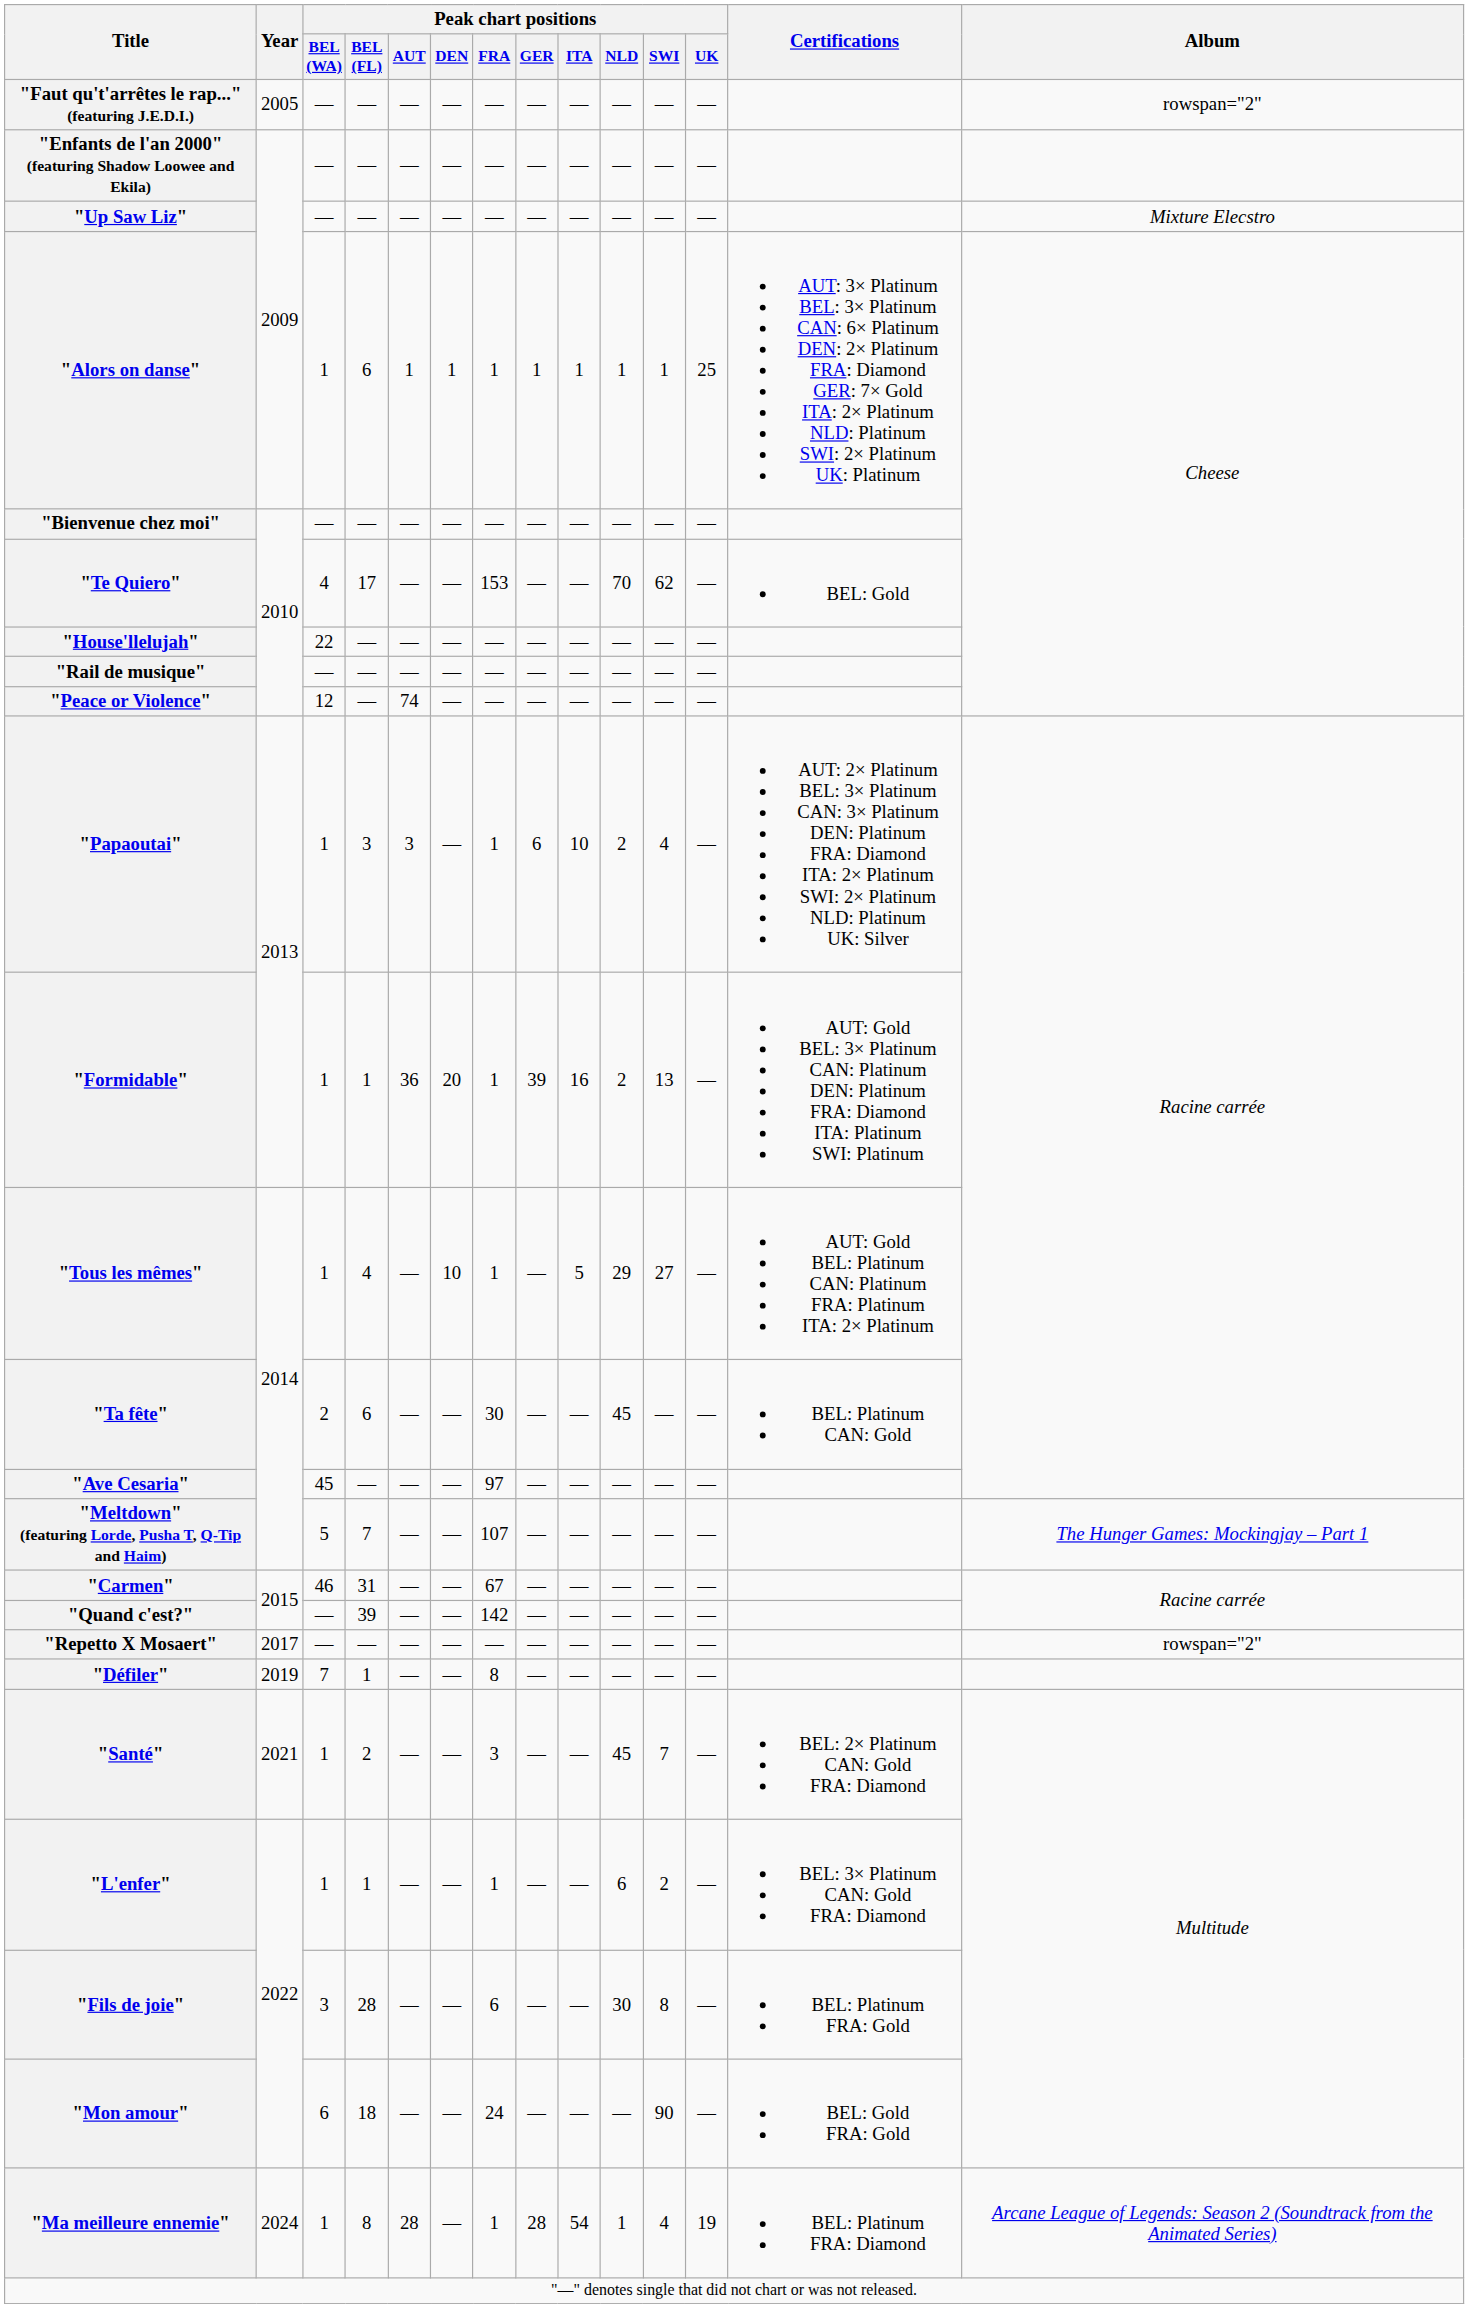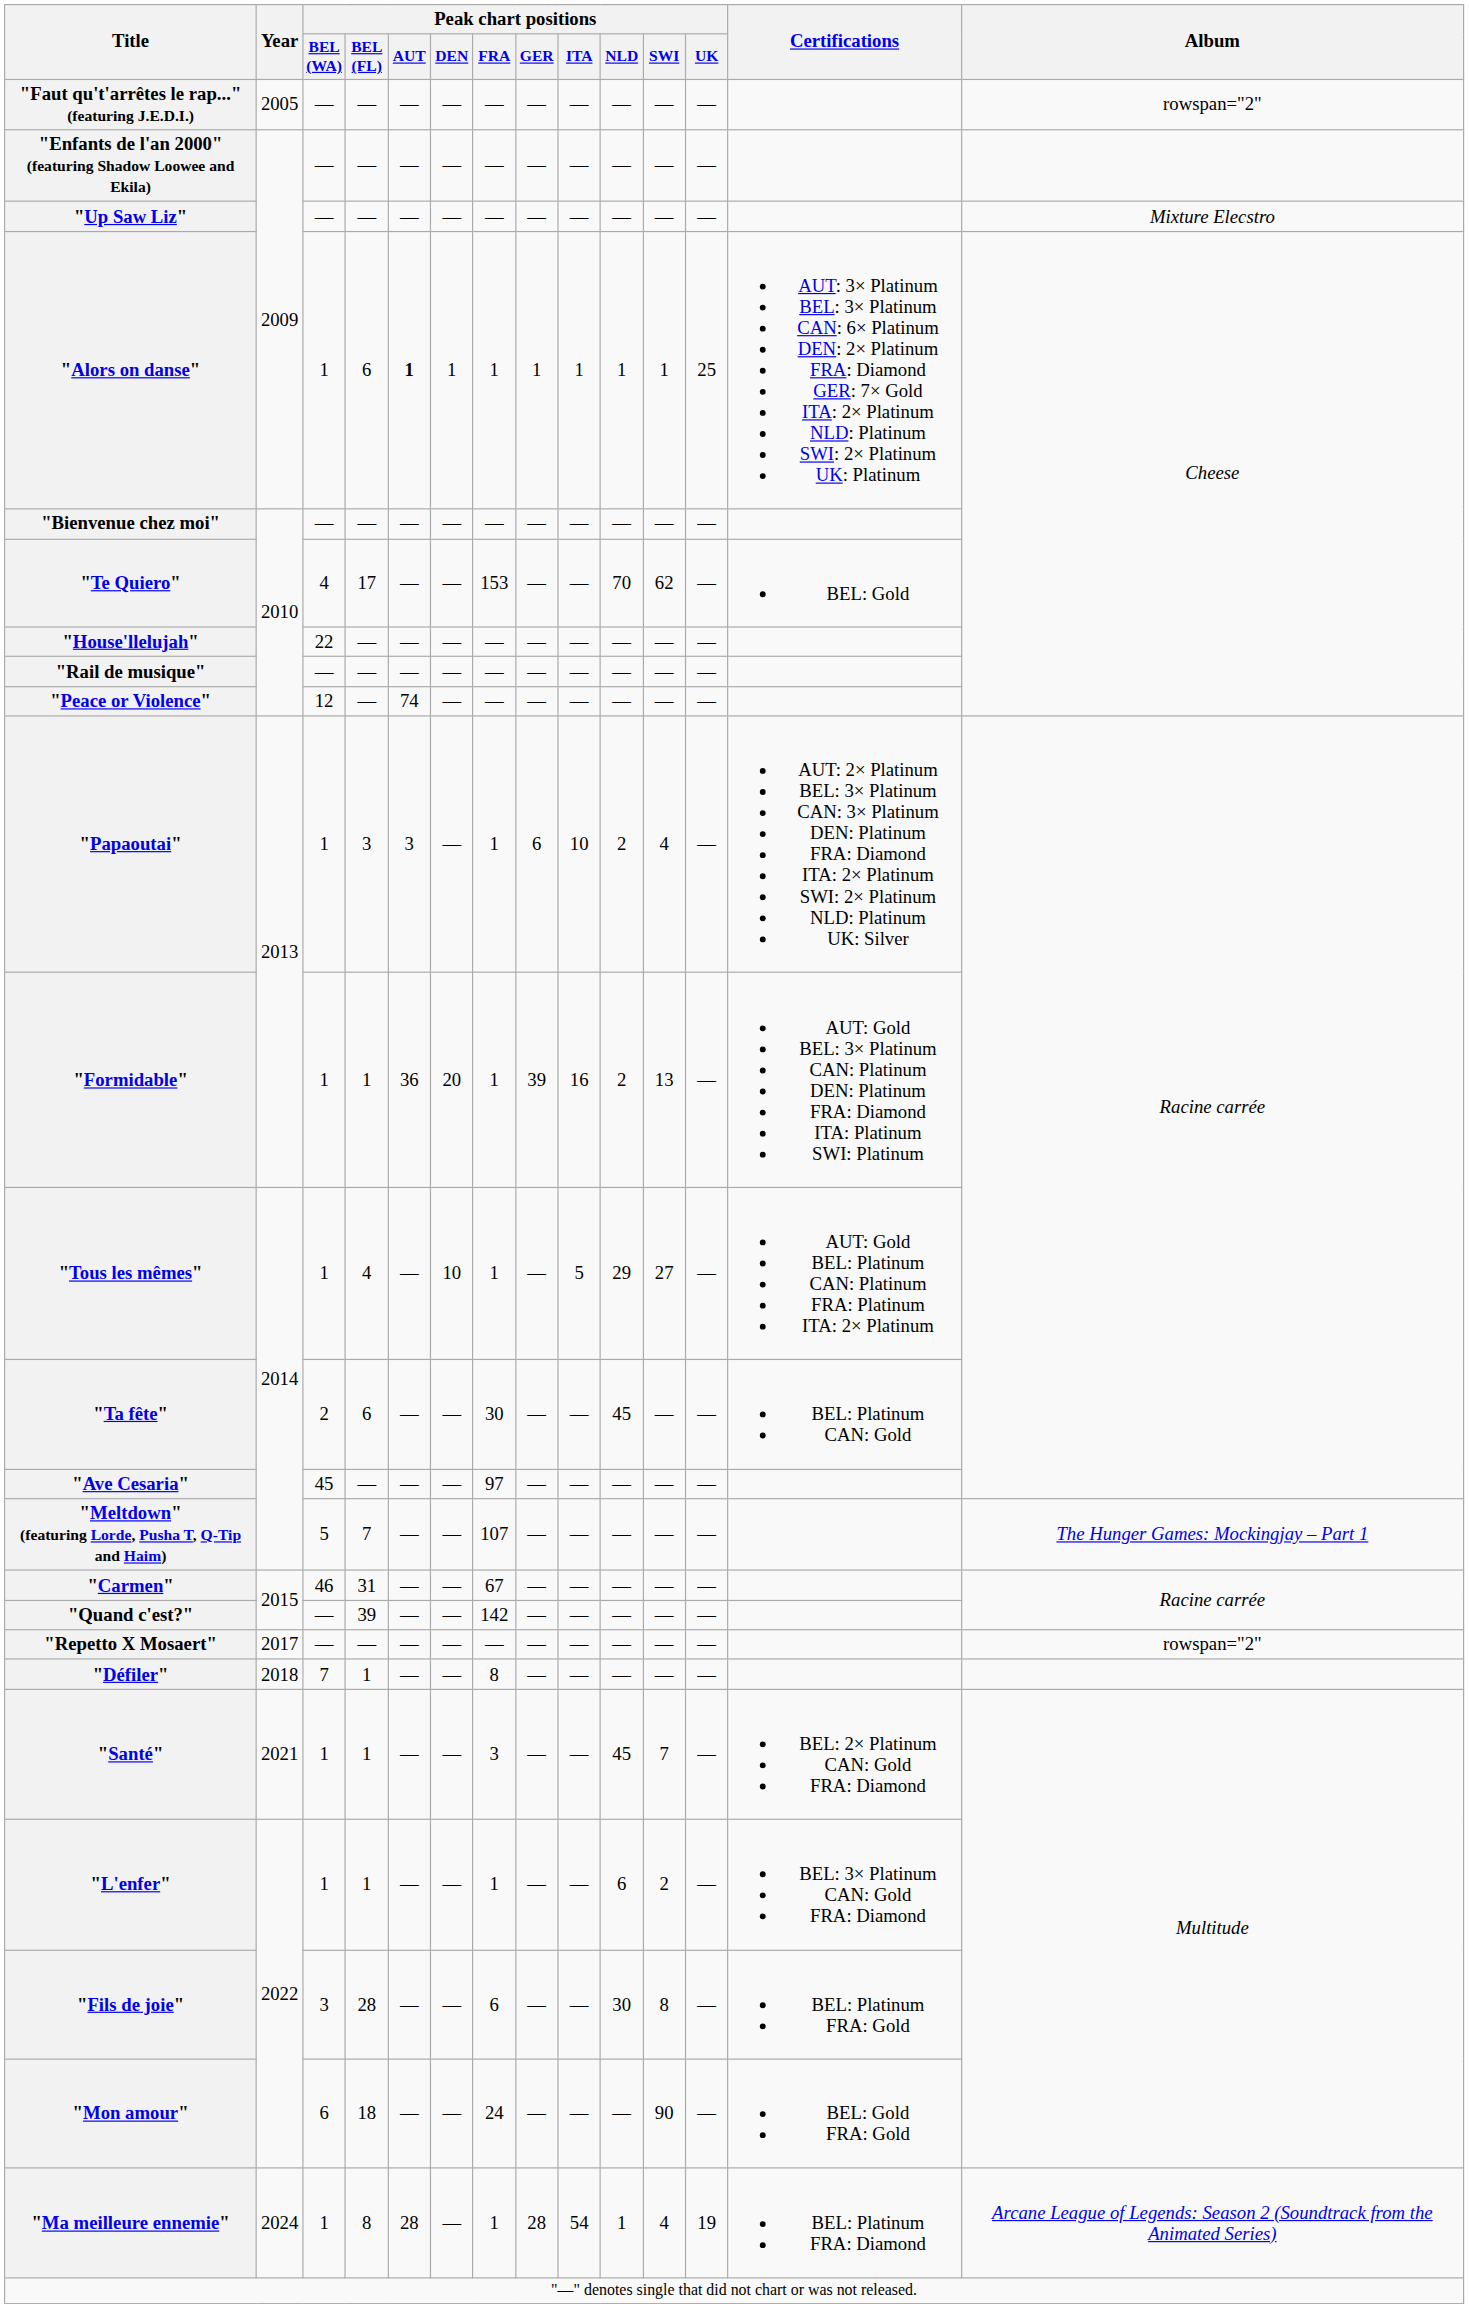 <table class="wikitable plainrowheaders" style="text-align:center;">
 <tr>
 <th scope="col" rowspan="2" style="width:13em;">Title</th>
 <th scope="col" rowspan="2">Year</th>
 <th scope="col" colspan="10">Peak chart positions</th>
 <th scope="col" rowspan="2" style="width:12em;"><a href='#'>Certifications</a></th>
 <th scope="col" rowspan="2">Album</th>
 </tr>
 <tr style=font-size:smaller>
 <th width="30"><a href='#'>BEL<br>(WA)</a><br></th>
 <th width="30"><a href='#'>BEL<br>(FL)</a><br></th>
 <th width="30"><a href='#'>AUT</a><br></th>
 <th width="30"><a href='#'>DEN</a><br></th>
 <th width="30"><a href='#'>FRA</a><br></th>
 <th width="30"><a href='#'>GER</a><br></th>
 <th width="30"><a href='#'>ITA</a><br></th>
 <th width="30"><a href='#'>NLD</a><br></th>
 <th width="30"><a href='#'>SWI</a><br></th>
 <th width="30"><a href='#'>UK</a><br></th>
 </tr>
 <tr>
 <th scope="row">"Faut qu't'arrêtes le rap..." <small>(featuring J.E.D.I.)</small></th>
 <td>2005</td>
 <td>—</td>
 <td>—</td>
 <td>—</td>
 <td>—</td>
 <td>—</td>
 <td>—</td>
 <td>—</td>
 <td>—</td>
 <td>—</td>
 <td>—</td>
 <td></td>
 <td>rowspan="2" </td>
 </tr>
 <tr>
 <th scope="row">"Enfants de l'an 2000" <small>(featuring Shadow Loowee and Ekila)</small></th>
 <td rowspan="3">2009</td>
 <td>—</td>
 <td>—</td>
 <td>—</td>
 <td>—</td>
 <td>—</td>
 <td>—</td>
 <td>—</td>
 <td>—</td>
 <td>—</td>
 <td>—</td>
 <td></td>
 </tr>
 <tr>
 <th scope="row">"<a href='#'>Up Saw Liz</a>"</th>
 <td>—</td>
 <td>—</td>
 <td>—</td>
 <td>—</td>
 <td>—</td>
 <td>—</td>
 <td>—</td>
 <td>—</td>
 <td>—</td>
 <td>—</td>
 <td></td>
 <td><em>Mixture Elecstro</em></td>
 </tr>
 <tr>
 <th scope="row">"<a href='#'>Alors on danse</a>"</th>
 <td>1</td>
 <td>6</td>
-<td>1</td>
+<td><strong>1</strong></td>
 <td>1</td>
 <td>1</td>
 <td>1</td>
 <td>1</td>
 <td>1</td>
 <td>1</td>
 <td>25</td>
 <td><br><ul><li><a href='#'>AUT</a>: 3× Platinum</li><li><a href='#'>BEL</a>: 3× Platinum</li><li><a href='#'>CAN</a>: 6× Platinum</li><li><a href='#'>DEN</a>: 2× Platinum</li><li><a href='#'>FRA</a>: Diamond</li><li><a href='#'>GER</a>: 7× Gold</li><li><a href='#'>ITA</a>: 2× Platinum</li><li><a href='#'>NLD</a>: Platinum</li><li><a href='#'>SWI</a>: 2× Platinum</li><li><a href='#'>UK</a>: Platinum</li></ul></td>
 <td rowspan="6"><em>Cheese</em></td>
 </tr>
 <tr>
 <th scope="row">"Bienvenue chez moi"</th>
 <td rowspan="5">2010</td>
 <td>—</td>
 <td>—</td>
 <td>—</td>
 <td>—</td>
 <td>—</td>
 <td>—</td>
 <td>—</td>
 <td>—</td>
 <td>—</td>
 <td>—</td>
 <td></td>
 </tr>
 <tr>
 <th scope="row">"<a href='#'>Te Quiero</a>"</th>
 <td>4</td>
 <td>17</td>
 <td>—</td>
 <td>—</td>
 <td>153</td>
 <td>—</td>
 <td>—</td>
 <td>70</td>
 <td>62</td>
 <td>—</td>
 <td><br><ul><li>BEL: Gold</li></ul></td>
 </tr>
 <tr>
 <th scope="row">"<a href='#'>House'llelujah</a>"</th>
 <td>22</td>
 <td>—</td>
 <td>—</td>
 <td>—</td>
 <td>—</td>
 <td>—</td>
 <td>—</td>
 <td>—</td>
 <td>—</td>
 <td>—</td>
 <td></td>
 </tr>
 <tr>
 <th scope="row">"Rail de musique"</th>
 <td>—</td>
 <td>—</td>
 <td>—</td>
 <td>—</td>
 <td>—</td>
 <td>—</td>
 <td>—</td>
 <td>—</td>
 <td>—</td>
 <td>—</td>
 <td></td>
 </tr>
 <tr>
 <th scope="row">"<a href='#'>Peace or Violence</a>"</th>
 <td>12</td>
 <td>—</td>
 <td>74</td>
 <td>—</td>
 <td>—</td>
 <td>—</td>
 <td>—</td>
 <td>—</td>
 <td>—</td>
 <td>—</td>
 <td></td>
 </tr>
 <tr>
 <th scope="row">"<a href='#'>Papaoutai</a>"</th>
 <td rowspan="2">2013</td>
 <td>1</td>
 <td>3</td>
 <td>3</td>
 <td>—</td>
 <td>1</td>
 <td>6</td>
 <td>10</td>
 <td>2</td>
 <td>4</td>
 <td>—</td>
 <td><br><ul><li>AUT: 2× Platinum</li><li>BEL: 3× Platinum</li><li>CAN: 3× Platinum</li><li>DEN: Platinum</li><li>FRA: Diamond</li><li>ITA: 2× Platinum</li><li>SWI: 2× Platinum</li><li>NLD: Platinum</li><li>UK: Silver</li></ul></td>
 <td rowspan="5"><em>Racine carrée</em></td>
 </tr>
 <tr>
 <th scope="row">"<a href='#'>Formidable</a>"</th>
 <td>1</td>
 <td>1</td>
 <td>36</td>
 <td>20</td>
 <td>1</td>
 <td>39</td>
 <td>16</td>
 <td>2</td>
 <td>13</td>
 <td>—</td>
 <td><br><ul><li>AUT: Gold</li><li>BEL: 3× Platinum</li><li>CAN: Platinum</li><li>DEN: Platinum</li><li>FRA: Diamond</li><li>ITA: Platinum</li><li>SWI: Platinum</li></ul></td>
 </tr>
 <tr>
 <th scope="row">"<a href='#'>Tous les mêmes</a>"</th>
 <td rowspan="4">2014</td>
 <td>1</td>
 <td>4</td>
 <td>—</td>
 <td>10</td>
 <td>1</td>
 <td>—</td>
 <td>5</td>
 <td>29</td>
 <td>27</td>
 <td>—</td>
 <td><br><ul><li>AUT: Gold</li><li>BEL: Platinum</li><li>CAN: Platinum</li><li>FRA: Platinum</li><li>ITA: 2× Platinum</li></ul></td>
 </tr>
 <tr>
 <th scope="row">"<a href='#'>Ta fête</a>"</th>
 <td>2</td>
 <td>6</td>
 <td>—</td>
 <td>—</td>
 <td>30</td>
 <td>—</td>
 <td>—</td>
 <td>45</td>
 <td>—</td>
 <td>—</td>
 <td><br><ul><li>BEL: Platinum</li><li>CAN: Gold</li></ul></td>
 </tr>
 <tr>
 <th scope="row">"<a href='#'>Ave Cesaria</a>"</th>
 <td>45</td>
 <td>—</td>
 <td>—</td>
 <td>—</td>
 <td>97</td>
 <td>—</td>
 <td>—</td>
 <td>—</td>
 <td>—</td>
 <td>—</td>
 <td></td>
 </tr>
 <tr>
 <th scope="row">"<a href='#'>Meltdown</a>"<br><small>(featuring <a href='#'>Lorde</a>, <a href='#'>Pusha T</a>, <a href='#'>Q-Tip</a> and <a href='#'>Haim</a>)</small></th>
 <td>5</td>
 <td>7</td>
 <td>—</td>
 <td>—</td>
 <td>107</td>
 <td>—</td>
 <td>—</td>
 <td>—</td>
 <td>—</td>
 <td>—</td>
 <td></td>
 <td><em><a href='#'>The Hunger Games: Mockingjay – Part 1</a></em></td>
 </tr>
 <tr>
 <th scope="row">"<a href='#'>Carmen</a>"</th>
 <td rowspan="2">2015</td>
 <td>46</td>
 <td>31</td>
 <td>—</td>
 <td>—</td>
 <td>67</td>
 <td>—</td>
 <td>—</td>
 <td>—</td>
 <td>—</td>
 <td>—</td>
 <td></td>
 <td rowspan="2"><em>Racine carrée</em></td>
 </tr>
 <tr>
 <th scope="row">"Quand c'est?"</th>
 <td>—</td>
 <td>39</td>
 <td>—</td>
 <td>—</td>
 <td>142</td>
 <td>—</td>
 <td>—</td>
 <td>—</td>
 <td>—</td>
 <td>—</td>
 <td></td>
 </tr>
 <tr>
 <th scope="row">"Repetto X Mosaert"</th>
 <td>2017</td>
 <td>—</td>
 <td>—</td>
 <td>—</td>
 <td>—</td>
 <td>—</td>
 <td>—</td>
 <td>—</td>
 <td>—</td>
 <td>—</td>
 <td>—</td>
 <td></td>
 <td>rowspan="2" </td>
 </tr>
 <tr>
 <th scope="row">"<a href='#'>Défiler</a>"</th>
-<td>2019</td>
+<td>2018</td>
 <td>7</td>
 <td>1</td>
 <td>—</td>
 <td>—</td>
 <td>8</td>
 <td>—</td>
 <td>—</td>
 <td>—</td>
 <td>—</td>
 <td>—</td>
 <td></td>
 </tr>
 <tr>
 <th scope="row">"<a href='#'>Santé</a>"</th>
 <td>2021</td>
 <td>1</td>
-<td>2</td>
+<td>1</td>
 <td>—</td>
 <td>—</td>
 <td>3</td>
 <td>—</td>
 <td>—</td>
 <td>45</td>
 <td>7</td>
 <td>—</td>
 <td><br><ul><li>BEL: 2× Platinum</li><li>CAN: Gold</li><li>FRA: Diamond</li></ul></td>
 <td rowspan="4"><em>Multitude</em></td>
 </tr>
 <tr>
 <th scope="row">"<a href='#'>L'enfer</a>"</th>
 <td rowspan="3">2022</td>
 <td>1</td>
 <td>1</td>
 <td>—</td>
 <td>—</td>
 <td>1</td>
 <td>—</td>
 <td>—</td>
 <td>6</td>
 <td>2</td>
 <td>—</td>
 <td><br><ul><li>BEL: 3× Platinum</li><li>CAN: Gold</li><li>FRA: Diamond</li></ul></td>
 </tr>
 <tr>
 <th scope="row">"<a href='#'>Fils de joie</a>"</th>
 <td>3</td>
 <td>28</td>
 <td>—</td>
 <td>—</td>
 <td>6</td>
 <td>—</td>
 <td>—</td>
 <td>30</td>
 <td>8</td>
 <td>—</td>
 <td><br><ul><li>BEL: Platinum</li><li>FRA: Gold</li></ul></td>
 </tr>
 <tr>
 <th scope="row">"<a href='#'>Mon amour</a>"<br></th>
 <td>6</td>
 <td>18</td>
 <td>—</td>
 <td>—</td>
 <td>24</td>
 <td>—</td>
 <td>—</td>
 <td>—</td>
 <td>90</td>
 <td>—</td>
 <td><br><ul><li>BEL: Gold</li><li>FRA: Gold</li></ul></td>
 </tr>
 <tr>
 <th scope="row">"<a href='#'>Ma meilleure ennemie</a>"<br></th>
 <td>2024</td>
 <td>1</td>
 <td>8</td>
 <td>28</td>
 <td>—</td>
 <td>1</td>
 <td>28</td>
 <td>54</td>
 <td>1</td>
 <td>4</td>
 <td>19</td>
 <td><br><ul><li>BEL: Platinum</li><li>FRA: Diamond</li></ul></td>
 <td><em><a href='#'>Arcane League of Legends: Season 2 (Soundtrack from the Animated Series)</a></em></td>
 </tr>
 <tr>
 <td colspan="15" style="font-size:85%">"—" denotes single that did not chart or was not released.</td>
 </tr>
 </table>
